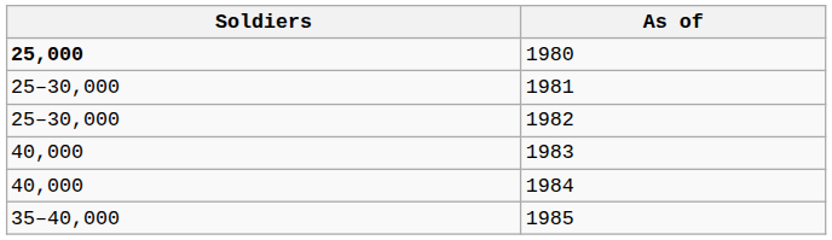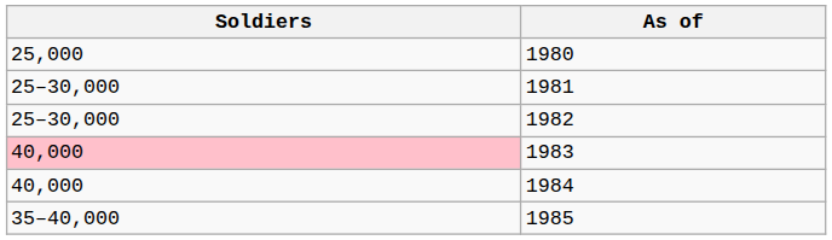 <table class="wikitable" width=60% style="float:right; margin:0 15px;">
 <tr>
 <th>Soldiers</th>
 <th>As of</th>
 </tr>
 <tr>
-<td><strong>25,000</strong></td>
+<td>25,000</td>
 <td>1980</td>
 </tr>
 <tr>
 <td>25–30,000</td>
 <td>1981</td>
 </tr>
 <tr>
 <td>25–30,000</td>
 <td>1982</td>
 </tr>
 <tr>
-<td>40,000</td>
+<td style="background: pink;">40,000</td>
 <td>1983</td>
 </tr>
 <tr>
 <td>40,000</td>
 <td>1984</td>
 </tr>
 <tr>
 <td>35–40,000</td>
 <td>1985</td>
 </tr>
 </table>
